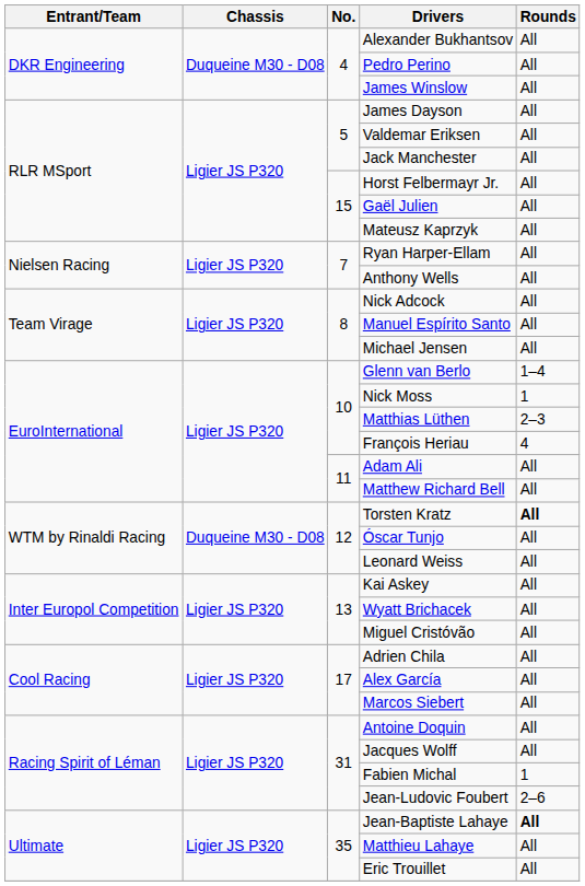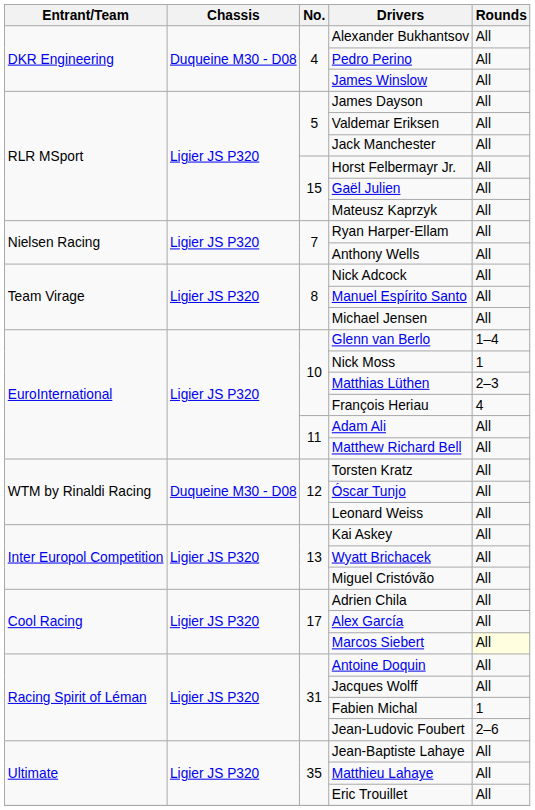 <table class="wikitable" style="font-size: 85%;">
 <tr>
 <th>Entrant/Team</th>
 <th>Chassis</th>
 <th>No.</th>
 <th>Drivers</th>
 <th>Rounds</th>
 </tr>
 <tr>
 <td rowspan="3"> <a href='#'>DKR Engineering</a></td>
 <td rowspan="3"><a href='#'>Duqueine M30 - D08</a></td>
 <td rowspan=3 align="center">4</td>
 <td nowrap> Alexander Bukhantsov</td>
 <td>All</td>
 </tr>
 <tr>
 <td> <a href='#'>Pedro Perino</a></td>
 <td>All</td>
 </tr>
 <tr>
 <td> <a href='#'>James Winslow</a></td>
 <td>All</td>
 </tr>
 <tr>
 <td rowspan="6"> RLR MSport</td>
 <td rowspan="6"><a href='#'>Ligier JS P320</a></td>
 <td rowspan=3 align="center">5</td>
 <td> James Dayson</td>
 <td>All</td>
 </tr>
 <tr>
 <td> Valdemar Eriksen</td>
 <td>All</td>
 </tr>
 <tr>
 <td> Jack Manchester</td>
 <td>All</td>
 </tr>
 <tr>
 <td rowspan=3 align="center">15</td>
 <td> Horst Felbermayr Jr.</td>
 <td>All</td>
 </tr>
 <tr>
 <td> <a href='#'>Gaël Julien</a></td>
 <td>All</td>
 </tr>
 <tr>
 <td> Mateusz Kaprzyk</td>
 <td>All</td>
 </tr>
 <tr>
 <td rowspan="2"> Nielsen Racing</td>
 <td rowspan="2"><a href='#'>Ligier JS P320</a></td>
 <td rowspan=2 align="center">7</td>
 <td> Ryan Harper-Ellam</td>
 <td>All</td>
 </tr>
 <tr>
 <td> Anthony Wells</td>
 <td>All</td>
 </tr>
 <tr>
 <td rowspan="3"> Team Virage</td>
 <td rowspan="3"><a href='#'>Ligier JS P320</a></td>
 <td rowspan=3 align="center">8</td>
 <td> Nick Adcock</td>
 <td>All</td>
 </tr>
 <tr>
 <td> <a href='#'>Manuel Espírito Santo</a></td>
 <td>All</td>
 </tr>
 <tr>
 <td> Michael Jensen</td>
 <td>All</td>
 </tr>
 <tr>
 <td rowspan="6"> <a href='#'>EuroInternational</a></td>
 <td rowspan="6"><a href='#'>Ligier JS P320</a></td>
 <td rowspan="4" align="center">10</td>
 <td> <a href='#'>Glenn van Berlo</a></td>
 <td>1–4</td>
 </tr>
 <tr>
 <td> Nick Moss</td>
 <td>1</td>
 </tr>
 <tr>
 <td> <a href='#'>Matthias Lüthen</a></td>
 <td>2–3</td>
 </tr>
 <tr>
 <td> François Heriau</td>
 <td>4</td>
 </tr>
 <tr>
 <td rowspan="2" align="center">11</td>
 <td> <a href='#'>Adam Ali</a></td>
 <td>All</td>
 </tr>
 <tr>
 <td> <a href='#'>Matthew Richard Bell</a></td>
 <td>All</td>
 </tr>
 <tr>
 <td rowspan="3"> WTM by Rinaldi Racing</td>
 <td rowspan="3"><a href='#'>Duqueine M30 - D08</a></td>
 <td rowspan="3" align="center">12</td>
 <td> Torsten Kratz</td>
-<td><strong>All</strong></td>
+<td>All</td>
 </tr>
 <tr>
 <td> <a href='#'>Óscar Tunjo</a></td>
 <td>All</td>
 </tr>
 <tr>
 <td> Leonard Weiss</td>
 <td>All</td>
 </tr>
 <tr>
 <td rowspan="3"> <a href='#'>Inter Europol Competition</a></td>
 <td rowspan="3"><a href='#'>Ligier JS P320</a></td>
 <td rowspan="3" align="center">13</td>
 <td> Kai Askey</td>
 <td>All</td>
 </tr>
 <tr>
 <td> <a href='#'>Wyatt Brichacek</a></td>
 <td>All</td>
 </tr>
 <tr>
 <td> Miguel Cristóvão</td>
 <td>All</td>
 </tr>
 <tr>
 <td rowspan="3"> <a href='#'>Cool Racing</a></td>
 <td rowspan="3"><a href='#'>Ligier JS P320</a></td>
 <td rowspan="3" align="center">17</td>
 <td> Adrien Chila</td>
 <td>All</td>
 </tr>
 <tr>
 <td> <a href='#'>Alex García</a></td>
 <td>All</td>
 </tr>
 <tr>
 <td> <a href='#'>Marcos Siebert</a></td>
-<td>All</td>
+<td style="background: lightyellow;">All</td>
 </tr>
 <tr>
 <td rowspan="4"> <a href='#'>Racing Spirit of Léman</a></td>
 <td rowspan="4"><a href='#'>Ligier JS P320</a></td>
 <td rowspan="4" align="center">31</td>
 <td> <a href='#'>Antoine Doquin</a></td>
 <td>All</td>
 </tr>
 <tr>
 <td> Jacques Wolff</td>
 <td>All</td>
 </tr>
 <tr>
 <td> Fabien Michal</td>
 <td>1</td>
 </tr>
 <tr>
 <td> Jean-Ludovic Foubert</td>
 <td>2–6</td>
 </tr>
 <tr>
 <td rowspan="3"> <a href='#'>Ultimate</a></td>
 <td rowspan="3"><a href='#'>Ligier JS P320</a></td>
 <td rowspan="3" align="center">35</td>
 <td> Jean-Baptiste Lahaye</td>
-<td><strong>All</strong></td>
+<td>All</td>
 </tr>
 <tr>
 <td> <a href='#'>Matthieu Lahaye</a></td>
 <td>All</td>
 </tr>
 <tr>
 <td> Eric Trouillet</td>
 <td>All</td>
 </tr>
 <tr>
 </tr>
 </table>
